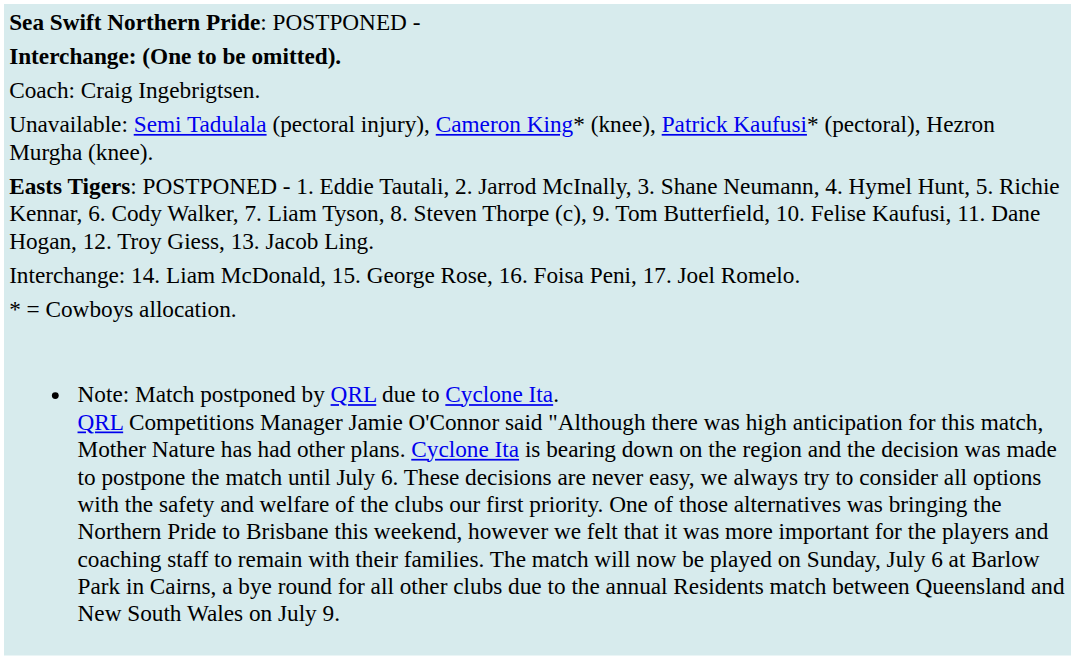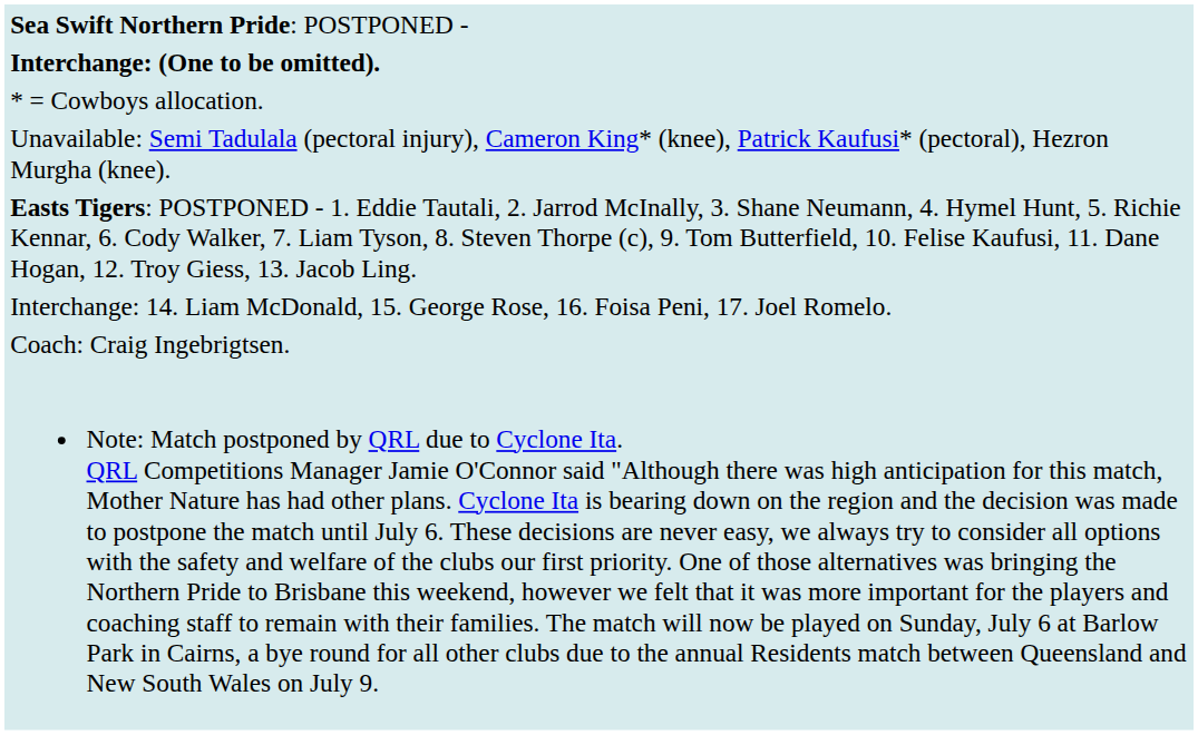 <table style="background:#d7ebed; font-size:85%; width:100%;">
 <tr>
 <td><strong>Sea Swift Northern Pride</strong>: POSTPONED -           <br> </td>
 </tr>
 <tr>
 <td><strong>Interchange:      (One to be omitted).</strong></td>
 </tr>
 <tr>
-<td>Coach: Craig Ingebrigtsen.</td>
+<td>* = Cowboys allocation.</td>
 </tr>
 <tr>
 <td>Unavailable: <a href='#'>Semi Tadulala</a> (pectoral injury), <a href='#'>Cameron King</a>* (knee), <a href='#'>Patrick Kaufusi</a>* (pectoral), Hezron Murgha (knee).</td>
 </tr>
 <tr>
 <td><strong>Easts Tigers</strong>:  POSTPONED - 1. Eddie Tautali, 2. Jarrod McInally, 3. Shane Neumann, 4. Hymel Hunt, 5. Richie Kennar, 6. Cody Walker, 7. Liam Tyson, 8. Steven Thorpe (c), 9. Tom Butterfield, 10. Felise Kaufusi, 11. Dane Hogan, 12. Troy Giess, 13. Jacob Ling.</td>
 </tr>
 <tr>
 <td>Interchange: 14. Liam McDonald, 15. George Rose, 16. Foisa Peni, 17. Joel Romelo.</td>
 </tr>
 <tr>
-<td>* = Cowboys allocation.</td>
+<td>Coach: Craig Ingebrigtsen.</td>
 </tr>
 <tr>
 <td><br><ul><li>Note: Match postponed by <a href='#'>QRL</a> due to <a href='#'>Cyclone Ita</a>.<br><a href='#'>QRL</a> Competitions Manager Jamie O'Connor said "Although there was high anticipation for this match, Mother Nature has had other plans. <a href='#'>Cyclone Ita</a> is bearing down on the region and the decision was made to postpone the match until July 6. These decisions are never easy, we always try to consider all options with the safety and welfare of the clubs our first priority. One of those alternatives was bringing the Northern Pride to Brisbane this weekend, however we felt that it was more important for the players and coaching staff to remain with their families. The match will now be played on Sunday, July 6 at Barlow Park in Cairns, a bye round for all other clubs due to the annual Residents match between Queensland and New South Wales on July 9.</li></ul></td>
 </tr>
 </table>
